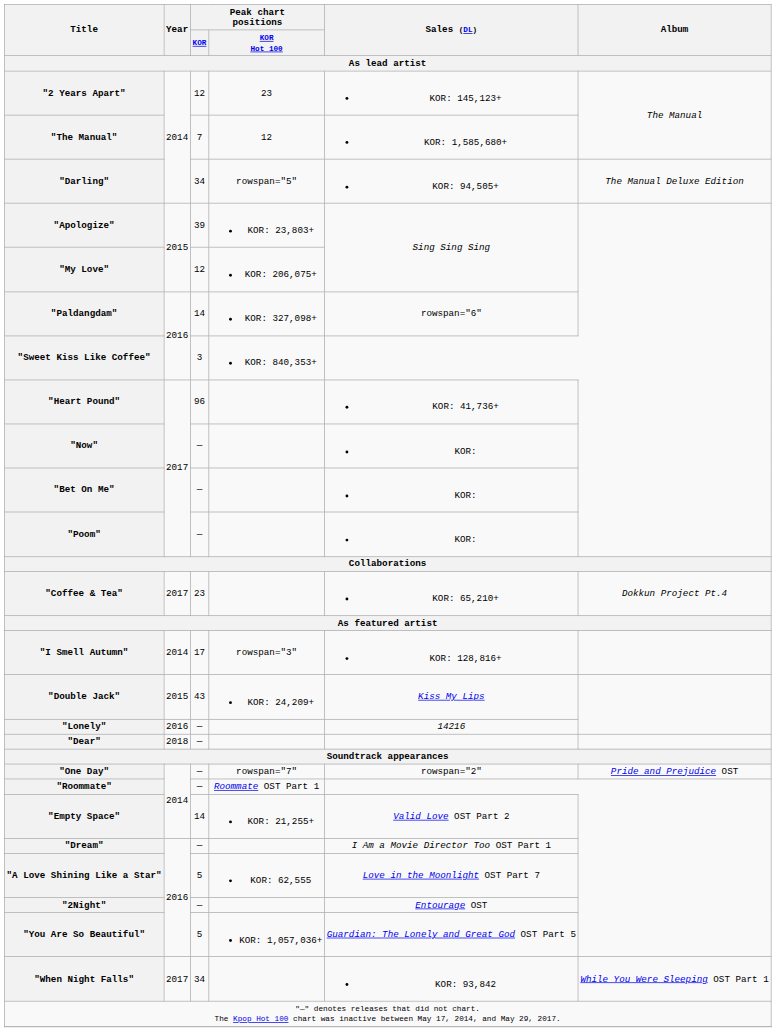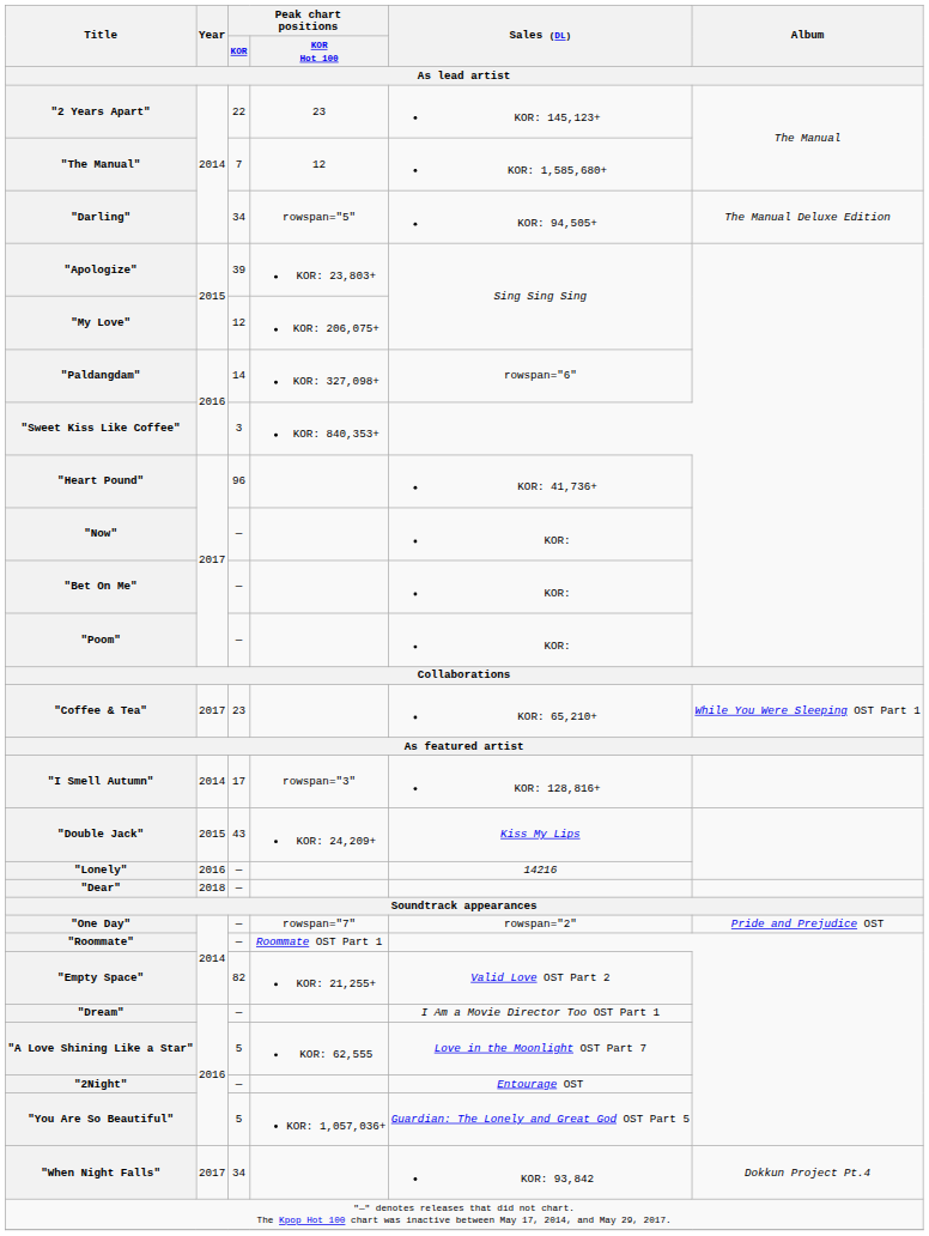 <table class="wikitable plainrowheaders" style="text-align:center;">
 <tr>
 <th scope="col" rowspan="2">Title</th>
 <th scope="col" rowspan="2">Year</th>
 <th colspan="2" scope="col">Peak chart <br> positions</th>
 <th scope="col" rowspan="2">Sales <small>(<a href='#'>DL</a>)</small></th>
 <th scope="col" rowspan="2">Album</th>
 </tr>
 <tr>
 <th><small><a href='#'>KOR</a></small><br></th>
 <th><small><a href='#'>KOR<br>Hot 100</a></small><br></th>
 </tr>
 <tr>
 <th colspan="6" scope="col">As lead artist</th>
 </tr>
 <tr>
 <th scope=row>"2 Years Apart"</th>
 <td rowspan="3">2014</td>
-<td>12</td>
+<td>22</td>
 <td>23</td>
 <td><br><ul><li>KOR: 145,123+</li></ul></td>
 <td rowspan="2"><em>The Manual</em></td>
 </tr>
 <tr>
 <th scope=row>"The Manual"<br></th>
 <td>7</td>
 <td>12</td>
 <td><br><ul><li>KOR: 1,585,680+</li></ul></td>
 </tr>
 <tr>
 <th scope=row>"Darling"</th>
 <td>34</td>
 <td>rowspan="5" </td>
 <td><br><ul><li>KOR: 94,505+</li></ul></td>
 <td><em>The Manual Deluxe Edition</em></td>
 </tr>
 <tr>
 <th scope=row>"Apologize"</th>
 <td rowspan="2">2015</td>
 <td>39</td>
 <td><br><ul><li>KOR: 23,803+</li></ul></td>
 <td rowspan="2"><em>Sing Sing Sing</em></td>
 </tr>
 <tr>
 <th scope=row>"My Love"</th>
 <td>12</td>
 <td><br><ul><li>KOR: 206,075+</li></ul></td>
 </tr>
 <tr>
 <th scope=row>"Paldangdam"<br></th>
 <td rowspan="2">2016</td>
 <td>14</td>
 <td><br><ul><li>KOR: 327,098+</li></ul></td>
 <td>rowspan="6" </td>
 </tr>
 <tr>
 <th scope=row>"Sweet Kiss Like Coffee"<br></th>
 <td>3</td>
 <td><br><ul><li>KOR: 840,353+</li></ul></td>
 </tr>
 <tr>
 <th scope=row>"Heart Pound"<br></th>
 <td rowspan="4">2017</td>
 <td>96</td>
 <td></td>
 <td><br><ul><li>KOR: 41,736+</li></ul></td>
 </tr>
 <tr>
 <th scope=row>"Now"<br></th>
 <td>—</td>
 <td></td>
 <td><br><ul><li>KOR:</li></ul></td>
 </tr>
 <tr>
 <th scope=row>"Bet On Me"</th>
 <td>—</td>
 <td></td>
 <td><br><ul><li>KOR:</li></ul></td>
 </tr>
 <tr>
 <th scope=row>"Poom"<br></th>
 <td>—</td>
 <td></td>
 <td><br><ul><li>KOR:</li></ul></td>
 </tr>
 <tr>
 <th scope="col" colspan="6">Collaborations</th>
 </tr>
 <tr>
 <th scope="row">"Coffee & Tea"<br></th>
 <td>2017</td>
 <td>23</td>
 <td></td>
 <td><br><ul><li>KOR: 65,210+</li></ul></td>
-<td><em>Dokkun Project Pt.4</em></td>
+<td><em><a href='#'>While You Were Sleeping</a></em> OST Part 1</td>
 </tr>
 <tr>
 <th scope="col" colspan="6">As featured artist</th>
 </tr>
 <tr>
 <th scope="row">"I Smell Autumn"<br></th>
 <td>2014</td>
 <td>17</td>
 <td>rowspan="3" </td>
 <td><br><ul><li>KOR: 128,816+</li></ul></td>
 <td></td>
 </tr>
 <tr>
 <th scope="row">"Double Jack"<br></th>
 <td>2015</td>
 <td>43</td>
 <td><br><ul><li>KOR: 24,209+</li></ul></td>
 <td><em><a href='#'>Kiss My Lips</a></em></td>
 </tr>
 <tr>
 <th scope="row">"Lonely"<br></th>
 <td>2016</td>
 <td>—</td>
 <td></td>
 <td><em>14216</em></td>
 </tr>
 <tr>
 <th scope="row">"Dear"<br></th>
 <td>2018</td>
 <td>—</td>
 <td></td>
 <td></td>
 <td></td>
 </tr>
 <tr>
 <th scope="col" colspan="6">Soundtrack appearances</th>
 </tr>
 <tr>
 <th scope="row">"One Day"<br></th>
 <td rowspan="3">2014</td>
 <td>—</td>
 <td>rowspan="7" </td>
 <td>rowspan="2" </td>
 <td><em><a href='#'>Pride and Prejudice</a></em> OST</td>
 </tr>
 <tr>
 <th scope="row">"Roommate"<br></th>
 <td>—</td>
 <td><em><a href='#'>Roommate</a></em> OST Part 1</td>
 </tr>
 <tr>
 <th scope="row">"Empty Space"</th>
-<td>14</td>
+<td>82</td>
 <td><br><ul><li>KOR: 21,255+</li></ul></td>
 <td><em><a href='#'>Valid Love</a></em> OST Part 2</td>
 </tr>
 <tr>
 <th scope="row">"Dream"<br></th>
 <td rowspan="4">2016</td>
 <td>—</td>
 <td></td>
 <td><em>I Am a Movie Director Too</em> OST Part 1</td>
 </tr>
 <tr>
 <th scope="row">"A Love Shining Like a Star"<br></th>
 <td>5</td>
 <td><br><ul><li>KOR: 62,555</li></ul></td>
 <td><em><a href='#'>Love in the Moonlight</a></em> OST Part 7</td>
 </tr>
 <tr>
 <th scope="row">"2Night"<br></th>
 <td>—</td>
 <td></td>
 <td><em><a href='#'>Entourage</a></em> OST</td>
 </tr>
 <tr>
 <th scope="row">"You Are So Beautiful"<br></th>
 <td>5</td>
 <td><br><ul><li>KOR: 1,057,036+</li></ul></td>
 <td><em><a href='#'>Guardian: The Lonely and Great God</a></em> OST Part 5</td>
 </tr>
 <tr>
 <th scope="row">"When Night Falls"<br></th>
 <td>2017</td>
 <td>34</td>
 <td></td>
 <td><br><ul><li>KOR: 93,842</li></ul></td>
-<td><em><a href='#'>While You Were Sleeping</a></em> OST Part 1</td>
+<td><em>Dokkun Project Pt.4</em></td>
 </tr>
 <tr>
 <td colspan="6"><small>"—" denotes releases that did not chart.<br>The <a href='#'>Kpop Hot 100</a> chart was inactive between May 17, 2014, and May 29, 2017.</small></td>
 </tr>
 <tr>
 </tr>
 </table>
